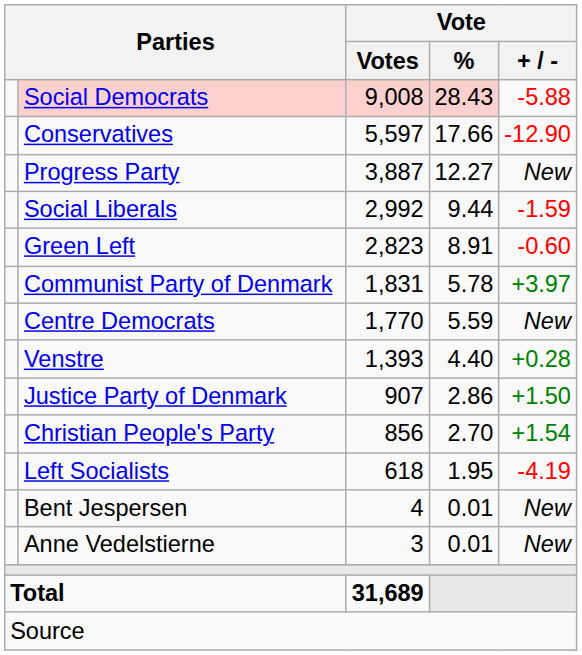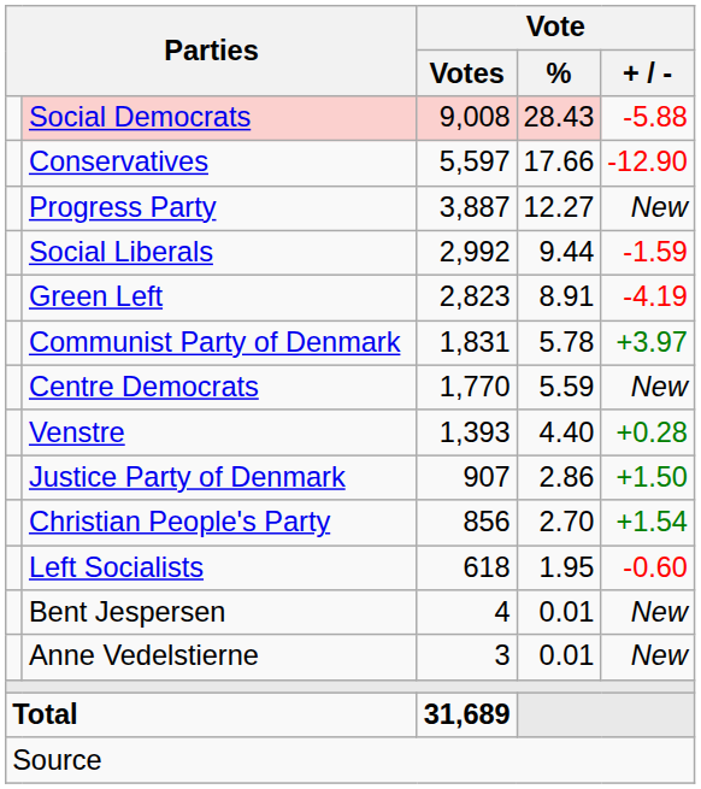 <table class="wikitable" style="text-align:right;">
 <tr>
 <th style="text-align:centre;" rowspan="2" colspan="2" width="225">Parties</th>
 <th colspan="3">Vote</th>
 </tr>
 <tr>
 <th width="15">Votes</th>
 <th width="15">%</th>
 <th width="15">+ / -</th>
 </tr>
 <tr>
 <td width="2" style="color:inherit;background:"></td>
 <td bgcolor=#fbd0ce  align="left"><a href='#'>Social Democrats</a></td>
 <td bgcolor=#fbd0ce>9,008</td>
 <td bgcolor=#fbd0ce>28.43</td>
 <td style=color:red;>-5.88</td>
 </tr>
 <tr>
 <td width="2" style="color:inherit;background:"></td>
 <td align="left"><a href='#'>Conservatives</a></td>
 <td>5,597</td>
 <td>17.66</td>
 <td style=color:red;>-12.90</td>
 </tr>
 <tr>
 <td width="2" style="color:inherit;background:"></td>
 <td align="left"><a href='#'>Progress Party</a></td>
 <td>3,887</td>
 <td>12.27</td>
 <td><em>New</em></td>
 </tr>
 <tr>
 <td width="2" style="color:inherit;background:"></td>
 <td align="left"><a href='#'>Social Liberals</a></td>
 <td>2,992</td>
 <td>9.44</td>
 <td style=color:red;>-1.59</td>
 </tr>
 <tr>
 <td width="2" style="color:inherit;background:"></td>
 <td align="left"><a href='#'>Green Left</a></td>
 <td>2,823</td>
 <td>8.91</td>
-<td style=color:red;>-0.60</td>
+<td style=color:red;>-4.19</td>
 </tr>
 <tr>
 <td width="2" style="color:inherit;background:"></td>
 <td align="left"><a href='#'>Communist Party of Denmark</a></td>
 <td>1,831</td>
 <td>5.78</td>
 <td style=color:green;>+3.97</td>
 </tr>
 <tr>
 <td width="2" style="color:inherit;background:"></td>
 <td align="left"><a href='#'>Centre Democrats</a></td>
 <td>1,770</td>
 <td>5.59</td>
 <td><em>New</em></td>
 </tr>
 <tr>
 <td width="2" style="color:inherit;background:"></td>
 <td align="left"><a href='#'>Venstre</a></td>
 <td>1,393</td>
 <td>4.40</td>
 <td style=color:green;>+0.28</td>
 </tr>
 <tr>
 <td width="2" style="color:inherit;background:"></td>
 <td align="left"><a href='#'>Justice Party of Denmark</a></td>
 <td>907</td>
 <td>2.86</td>
 <td style=color:green;>+1.50</td>
 </tr>
 <tr>
 <td width="2" style="color:inherit;background:"></td>
 <td align="left"><a href='#'>Christian People's Party</a></td>
 <td>856</td>
 <td>2.70</td>
 <td style=color:green;>+1.54</td>
 </tr>
 <tr>
 <td width="2" style="color:inherit;background:"></td>
 <td align="left"><a href='#'>Left Socialists</a></td>
 <td>618</td>
 <td>1.95</td>
-<td style=color:red;>-4.19</td>
+<td style=color:red;>-0.60</td>
 </tr>
 <tr>
 <td width="2" style="color:inherit;background:"></td>
 <td align="left">Bent Jespersen</td>
 <td>4</td>
 <td>0.01</td>
 <td><em>New</em></td>
 </tr>
 <tr>
 <td width="2" style="color:inherit;background:"></td>
 <td align="left">Anne Vedelstierne</td>
 <td>3</td>
 <td>0.01</td>
 <td><em>New</em></td>
 </tr>
 <tr>
 <td colspan="7" bgcolor="#E9E9E9"></td>
 </tr>
 <tr>
 <td align="left" colspan="2"><strong>Total</strong></td>
 <td><strong>31,689</strong></td>
 <td bgcolor="#E9E9E9" colspan="2"></td>
 </tr>
 <tr>
 <td align="left" colspan="6">Source</td>
 </tr>
 </table>
